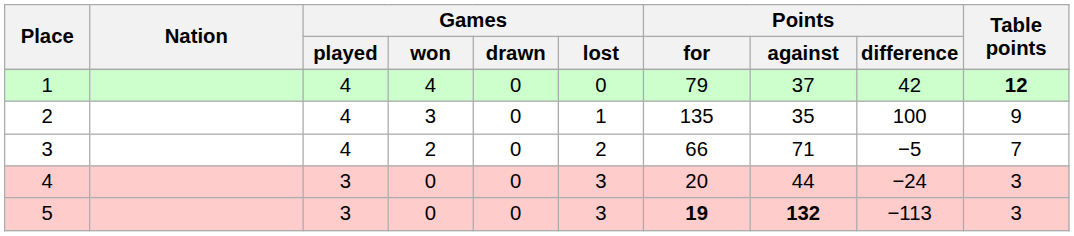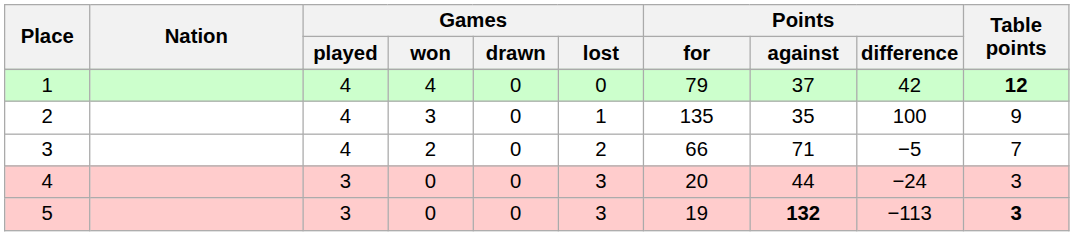 <table class="wikitable">
 <tr>
 <th rowspan=2 width="8%">Place</th>
 <th rowspan=2 width="20%">Nation</th>
 <th colspan=4 width="32%">Games</th>
 <th colspan=3 width="30%">Points</th>
 <th rowspan=2 width="10%">Table<br>points</th>
 </tr>
 <tr>
 <th width="8%">played</th>
 <th width="8%">won</th>
 <th width="8%">drawn</th>
 <th width="8%">lost</th>
 <th width="10%">for</th>
 <th width="10%">against</th>
 <th width="10%">difference</th>
 </tr>
 <tr>
 </tr>
 <tr bgcolor=#ccffcc align=center>
 <td>1</td>
 <td align=left></td>
 <td>4</td>
 <td>4</td>
 <td>0</td>
 <td>0</td>
 <td>79</td>
 <td>37</td>
 <td>42</td>
 <td><strong>12</strong></td>
 </tr>
 <tr bgcolor=#ffffff align=center>
 <td>2</td>
 <td align=left></td>
 <td>4</td>
 <td>3</td>
 <td>0</td>
 <td>1</td>
 <td>135</td>
 <td>35</td>
 <td>100</td>
 <td>9</td>
 </tr>
 <tr bgcolor=#ffffff align=center>
 <td>3</td>
 <td align=left></td>
 <td>4</td>
 <td>2</td>
 <td>0</td>
 <td>2</td>
 <td>66</td>
 <td>71</td>
 <td>−5</td>
 <td>7</td>
 </tr>
 <tr bgcolor=#ffcccc align=center>
 <td>4</td>
 <td align=left></td>
 <td>3</td>
 <td>0</td>
 <td>0</td>
 <td>3</td>
 <td>20</td>
 <td>44</td>
 <td>−24</td>
 <td>3</td>
 </tr>
 <tr bgcolor=#ffcccc align=center>
 <td>5</td>
 <td align=left></td>
 <td>3</td>
 <td>0</td>
 <td>0</td>
 <td>3</td>
-<td><strong>19</strong></td>
+<td>19</td>
 <td><strong>132</strong></td>
 <td>−113</td>
-<td>3</td>
+<td><strong>3</strong></td>
 </tr>
 </table>
